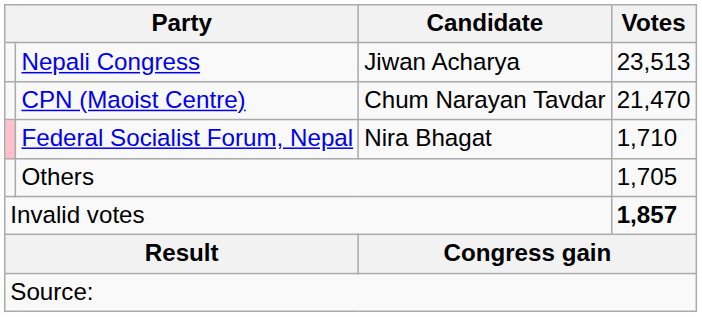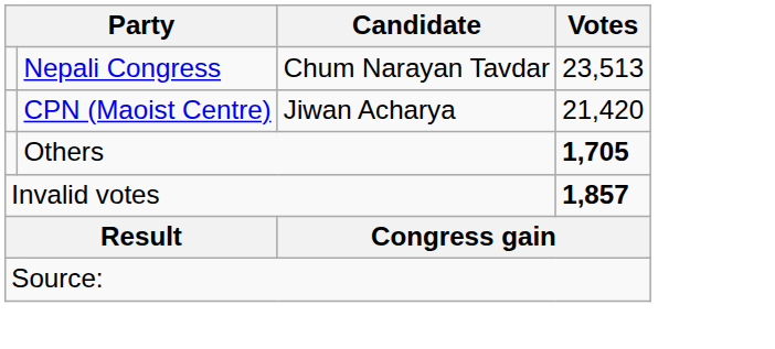 <table class="wikitable">
 <tr>
 <th colspan="2">Party</th>
 <th>Candidate</th>
 <th>Votes</th>
 </tr>
 <tr>
 <td style="background-color:"></td>
 <td><a href='#'>Nepali Congress</a></td>
-<td>Jiwan Acharya</td>
+<td>Chum Narayan Tavdar</td>
 <td>23,513</td>
 </tr>
 <tr>
 <td style="background-color:"></td>
 <td><a href='#'>CPN (Maoist Centre)</a></td>
-<td>Chum Narayan Tavdar</td>
-<td>21,470</td>
-</tr>
-<tr>
-<td style="background-color:pink"></td>
-<td><a href='#'>Federal Socialist Forum, Nepal</a></td>
-<td>Nira Bhagat</td>
-<td>1,710</td>
+<td>Jiwan Acharya</td>
+<td>21,420</td>
 </tr>
 <tr>
 <td></td>
 <td colspan="2">Others</td>
-<td>1,705</td>
+<td><strong>1,705</strong></td>
 </tr>
 <tr>
 <td colspan="3">Invalid votes</td>
 <td><strong>1,857</strong></td>
 </tr>
 <tr>
 <th colspan="2">Result</th>
 <th colspan="2">Congress gain</th>
 </tr>
 <tr>
 <td colspan="4">Source: </td>
 </tr>
 </table>
